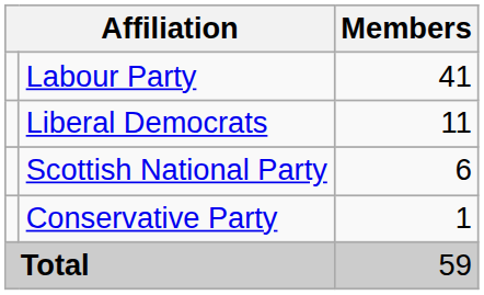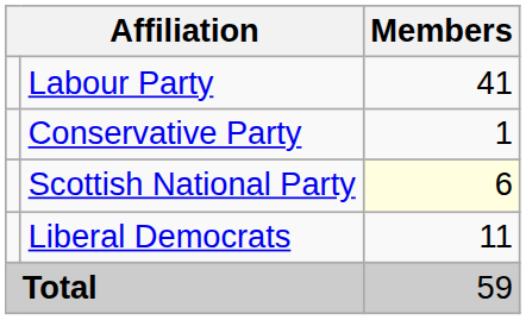 <table class="wikitable">
 <tr>
 <th colspan="2">Affiliation</th>
 <th>Members</th>
 </tr>
 <tr>
 <td style="color:inherit;background:"></td>
 <td><a href='#'>Labour Party</a></td>
 <td align="right">41</td>
 </tr>
 <tr>
 <td style="color:inherit;background:"></td>
-<td><a href='#'>Liberal Democrats</a></td>
-<td align="right">11</td>
+<td><a href='#'>Conservative Party</a></td>
+<td align="right">1<br></td>
 </tr>
 <tr>
 <td style="color:inherit;background:"></td>
 <td><a href='#'>Scottish National Party</a></td>
-<td align="right">6</td>
+<td align="right" style="background: lightyellow;">6</td>
 </tr>
 <tr>
 <td style="color:inherit;background:"></td>
-<td><a href='#'>Conservative Party</a></td>
-<td align="right">1<br></td>
+<td><a href='#'>Liberal Democrats</a></td>
+<td align="right">11</td>
 </tr>
 <tr bgcolor="CCCCCC">
 <td colspan="2" rowspan="1"> <strong>Total</strong></td>
 <td align="right">59</td>
 </tr>
 </table>
